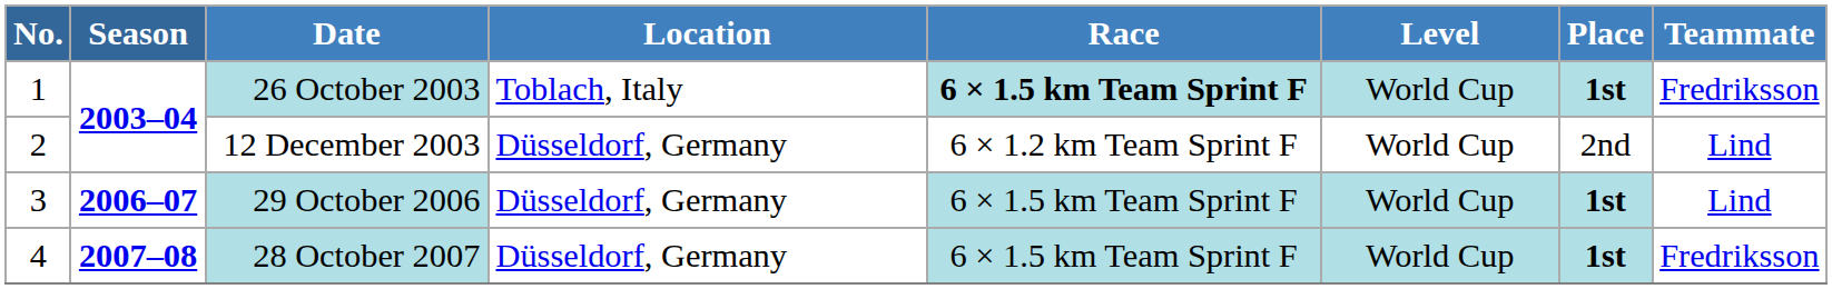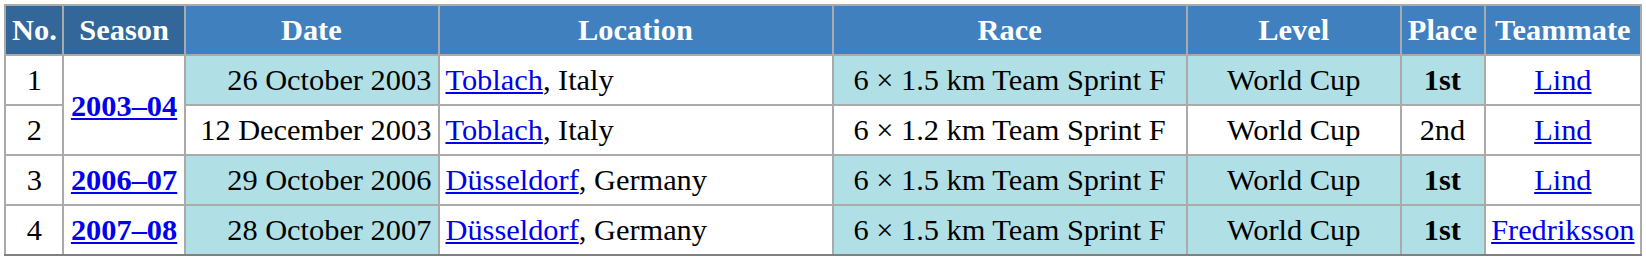 <table class="wikitable sortable" style="font-size:95%; text-align:center; border:grey solid 1px; border-collapse:collapse; background:#ffffff;">
 <tr style="background:#efefef;">
 <th style="background-color:#369; color:white;">No.</th>
 <th style="background-color:#369; color:white;">Season</th>
 <th style="background-color:#4180be; color:white; width:120px;">Date</th>
 <th style="background-color:#4180be; color:white; width:190px;">Location</th>
 <th style="background-color:#4180be; color:white; width:170px;">Race</th>
 <th style="background-color:#4180be; color:white; width:100px;">Level</th>
 <th style="background-color:#4180be; color:white;">Place</th>
 <th style="background-color:#4180be; color:white;">Teammate</th>
 </tr>
 <tr>
 <td align=center>1</td>
 <td rowspan=2 align=center><strong><a href='#'>2003–04</a></strong></td>
 <td bgcolor="#BOEOE6" align=right>26 October 2003</td>
 <td align=left> <a href='#'>Toblach</a>, Italy</td>
-<td bgcolor="#BOEOE6"><strong>6 × 1.5 km Team Sprint F</strong></td>
+<td bgcolor="#BOEOE6">6 × 1.5 km Team Sprint F</td>
 <td bgcolor="#BOEOE6">World Cup</td>
 <td bgcolor="#BOEOE6"><strong>1st</strong></td>
-<td><a href='#'>Fredriksson</a></td>
+<td><a href='#'>Lind</a></td>
 </tr>
 <tr>
 <td align=center>2</td>
 <td align=right>12 December 2003</td>
-<td align=left> <a href='#'>Düsseldorf</a>, Germany</td>
+<td align=left> <a href='#'>Toblach</a>, Italy</td>
 <td>6 × 1.2 km Team Sprint F</td>
 <td>World Cup</td>
 <td>2nd</td>
 <td><a href='#'>Lind</a></td>
 </tr>
 <tr>
 <td align=center>3</td>
 <td rowspan=1 align=center><strong><a href='#'>2006–07</a></strong></td>
 <td bgcolor="#BOEOE6" align=right>29 October 2006</td>
 <td align=left> <a href='#'>Düsseldorf</a>, Germany</td>
 <td bgcolor="#BOEOE6">6 × 1.5 km Team Sprint F</td>
 <td bgcolor="#BOEOE6">World Cup</td>
 <td bgcolor="#BOEOE6"><strong>1st</strong></td>
 <td><a href='#'>Lind</a></td>
 </tr>
 <tr>
 <td align=center>4</td>
 <td rowspan=1 align=center><strong><a href='#'>2007–08</a></strong></td>
 <td bgcolor="#BOEOE6" align=right>28 October 2007</td>
 <td align=left> <a href='#'>Düsseldorf</a>, Germany</td>
 <td bgcolor="#BOEOE6">6 × 1.5 km Team Sprint F</td>
 <td bgcolor="#BOEOE6">World Cup</td>
 <td bgcolor="#BOEOE6"><strong>1st</strong></td>
 <td><a href='#'>Fredriksson</a></td>
 </tr>
 <tr>
 </tr>
 </table>
